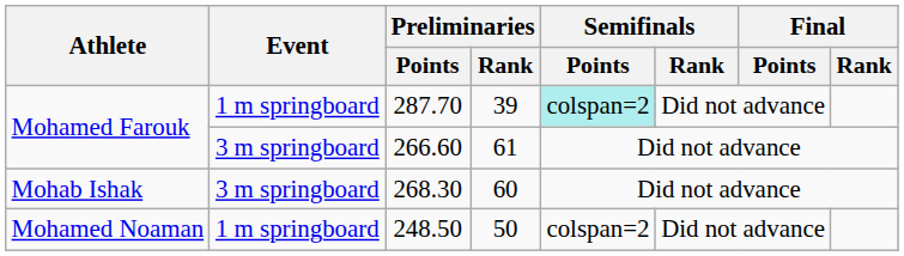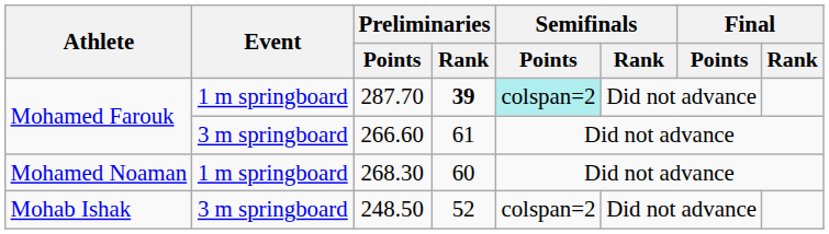 <table class="wikitable" style="text-align:center; font-size:90%;">
 <tr>
 <th rowspan=2>Athlete</th>
 <th rowspan=2>Event</th>
 <th colspan=2>Preliminaries</th>
 <th colspan=2>Semifinals</th>
 <th colspan=2>Final</th>
 </tr>
 <tr style="font-size:95%">
 <th>Points</th>
 <th>Rank</th>
 <th>Points</th>
 <th>Rank</th>
 <th>Points</th>
 <th>Rank</th>
 </tr>
 <tr>
 <td align=left rowspan=2><a href='#'>Mohamed Farouk</a></td>
 <td align=left><a href='#'>1 m springboard</a></td>
 <td>287.70</td>
-<td>39</td>
+<td><strong>39</strong></td>
 <td style="background: paleturquoise;">colspan=2 </td>
 <td colspan=2>Did not advance</td>
 </tr>
 <tr>
 <td align=left><a href='#'>3 m springboard</a></td>
 <td>266.60</td>
 <td>61</td>
 <td colspan=4>Did not advance</td>
 </tr>
 <tr>
-<td align=left><a href='#'>Mohab Ishak</a></td>
-<td align=left><a href='#'>3 m springboard</a></td>
+<td align=left><a href='#'>Mohamed Noaman</a></td>
+<td align=left><a href='#'>1 m springboard</a></td>
 <td>268.30</td>
 <td>60</td>
 <td colspan=4>Did not advance</td>
 </tr>
 <tr>
-<td align=left><a href='#'>Mohamed Noaman</a></td>
-<td align=left><a href='#'>1 m springboard</a></td>
+<td align=left><a href='#'>Mohab Ishak</a></td>
+<td align=left><a href='#'>3 m springboard</a></td>
 <td>248.50</td>
-<td>50</td>
+<td>52</td>
 <td>colspan=2 </td>
 <td colspan=2>Did not advance</td>
 </tr>
 </table>
